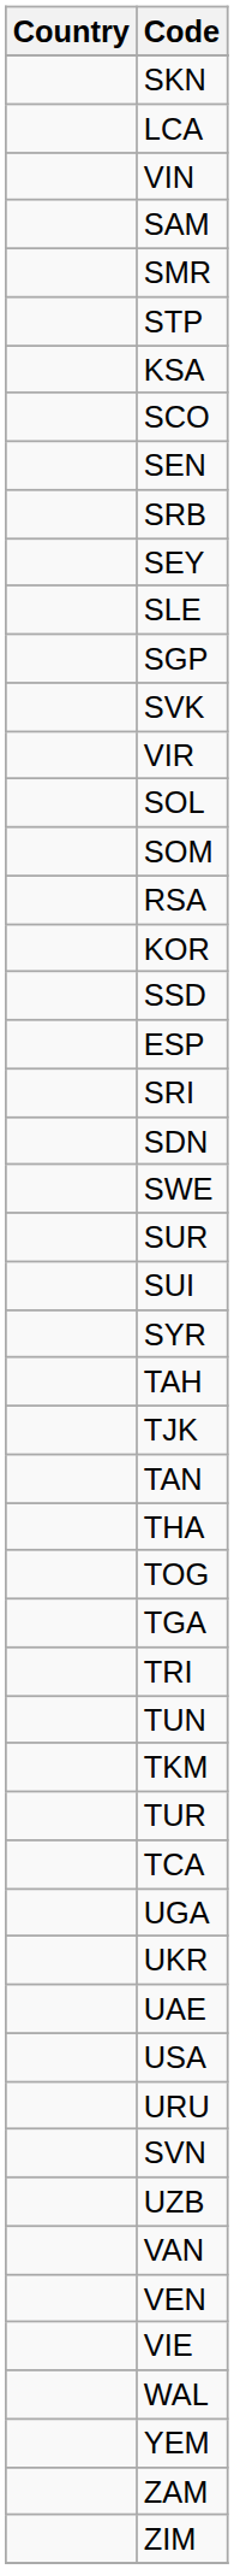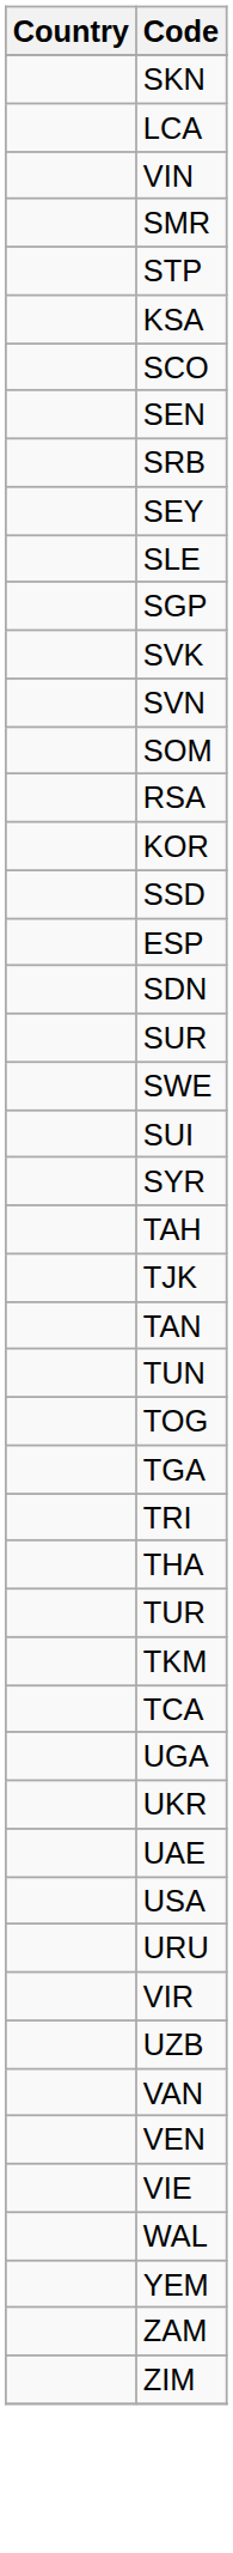 <table class="wikitable" style="font-size:90%; display:inline-table;">
 <tr>
 <th>Country</th>
 <th>Code</th>
 </tr>
 <tr>
 </tr>
 <tr>
 <td></td>
 <td>SKN</td>
 </tr>
 <tr>
 <td></td>
 <td>LCA</td>
 </tr>
 <tr>
 <td></td>
 <td>VIN</td>
-</tr>
-<tr>
-<td></td>
-<td>SAM</td>
 </tr>
 <tr>
 <td></td>
 <td>SMR</td>
 </tr>
 <tr>
 <td></td>
 <td>STP</td>
 </tr>
 <tr>
 <td></td>
 <td>KSA</td>
 </tr>
 <tr>
 <td></td>
 <td>SCO</td>
 </tr>
 <tr>
 <td></td>
 <td>SEN</td>
 </tr>
 <tr>
 <td></td>
 <td>SRB</td>
 </tr>
 <tr>
 <td></td>
 <td>SEY</td>
 </tr>
 <tr>
 <td></td>
 <td>SLE</td>
 </tr>
 <tr>
 <td></td>
 <td>SGP</td>
 </tr>
 <tr>
 <td></td>
 <td>SVK</td>
 </tr>
 <tr>
 <td></td>
-<td>VIR</td>
-</tr>
-<tr>
-<td></td>
-<td>SOL</td>
+<td>SVN</td>
 </tr>
 <tr>
 <td></td>
 <td>SOM</td>
 </tr>
 <tr>
 <td></td>
 <td>RSA</td>
 </tr>
 <tr>
 <td></td>
 <td>KOR</td>
 </tr>
 <tr>
 <td></td>
 <td>SSD</td>
 </tr>
 <tr>
 <td></td>
 <td>ESP</td>
 </tr>
 <tr>
 <td></td>
-<td>SRI</td>
-</tr>
-<tr>
-<td></td>
 <td>SDN</td>
 </tr>
 <tr>
 <td></td>
-<td>SWE</td>
+<td>SUR</td>
 </tr>
 <tr>
 <td></td>
-<td>SUR</td>
+<td>SWE</td>
 </tr>
 <tr>
 <td></td>
 <td>SUI</td>
 </tr>
 <tr>
 <td></td>
 <td>SYR</td>
 </tr>
 <tr>
 <td></td>
 <td>TAH</td>
 </tr>
 <tr>
 <td></td>
 <td>TJK</td>
 </tr>
 <tr>
 <td></td>
 <td>TAN</td>
 </tr>
 <tr>
 <td></td>
-<td>THA</td>
+<td>TUN</td>
 </tr>
 <tr>
 <td></td>
 <td>TOG</td>
 </tr>
 <tr>
 <td></td>
 <td>TGA</td>
 </tr>
 <tr>
 <td></td>
 <td>TRI</td>
 </tr>
 <tr>
 <td></td>
-<td>TUN</td>
+<td>THA</td>
+</tr>
+<tr>
+<td></td>
+<td>TUR</td>
 </tr>
 <tr>
 <td></td>
 <td>TKM</td>
-</tr>
-<tr>
-<td></td>
-<td>TUR</td>
 </tr>
 <tr>
 <td></td>
 <td>TCA</td>
 </tr>
 <tr>
 <td></td>
 <td>UGA</td>
 </tr>
 <tr>
 <td></td>
 <td>UKR</td>
 </tr>
 <tr>
 <td></td>
 <td>UAE</td>
 </tr>
 <tr>
 <td></td>
 <td>USA</td>
 </tr>
 <tr>
 <td></td>
 <td>URU</td>
 </tr>
 <tr>
 <td></td>
-<td>SVN</td>
+<td>VIR</td>
 </tr>
 <tr>
 <td></td>
 <td>UZB</td>
 </tr>
 <tr>
 <td></td>
 <td>VAN</td>
 </tr>
 <tr>
 <td></td>
 <td>VEN</td>
 </tr>
 <tr>
 <td></td>
 <td>VIE</td>
 </tr>
 <tr>
 <td></td>
 <td>WAL</td>
 </tr>
 <tr>
 <td></td>
 <td>YEM</td>
 </tr>
 <tr>
 <td></td>
 <td>ZAM</td>
 </tr>
 <tr>
 <td></td>
 <td>ZIM</td>
 </tr>
 <tr>
 </tr>
 </table>
